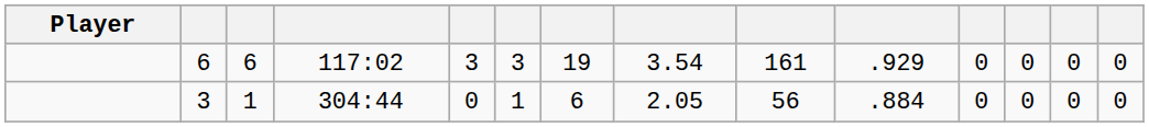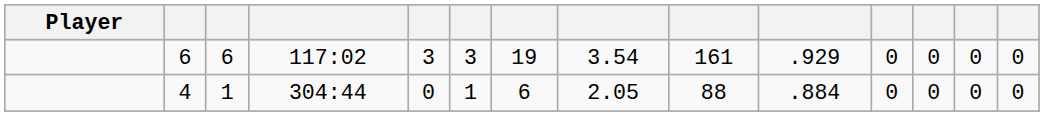 <table class="wikitable sortable" style="width:100%;">
 <tr style="text-align:center; background:#ddd;">
 <th>Player</th>
 <th></th>
 <th></th>
 <th></th>
 <th></th>
 <th></th>
 <th></th>
 <th></th>
 <th></th>
 <th></th>
 <th></th>
 <th></th>
 <th></th>
 <th></th>
 </tr>
 <tr align=center>
 <td></td>
 <td>6</td>
 <td>6</td>
 <td>117:02</td>
 <td>3</td>
 <td>3</td>
 <td>19</td>
 <td>3.54</td>
 <td>161</td>
 <td>.929</td>
 <td>0</td>
 <td>0</td>
 <td>0</td>
 <td>0</td>
 </tr>
 <tr align=center>
 <td></td>
-<td>3</td>
+<td>4</td>
 <td>1</td>
 <td>304:44</td>
 <td>0</td>
 <td>1</td>
 <td>6</td>
 <td>2.05</td>
-<td>56</td>
+<td>88</td>
 <td>.884</td>
 <td>0</td>
 <td>0</td>
 <td>0</td>
 <td>0</td>
 </tr>
 </table>
